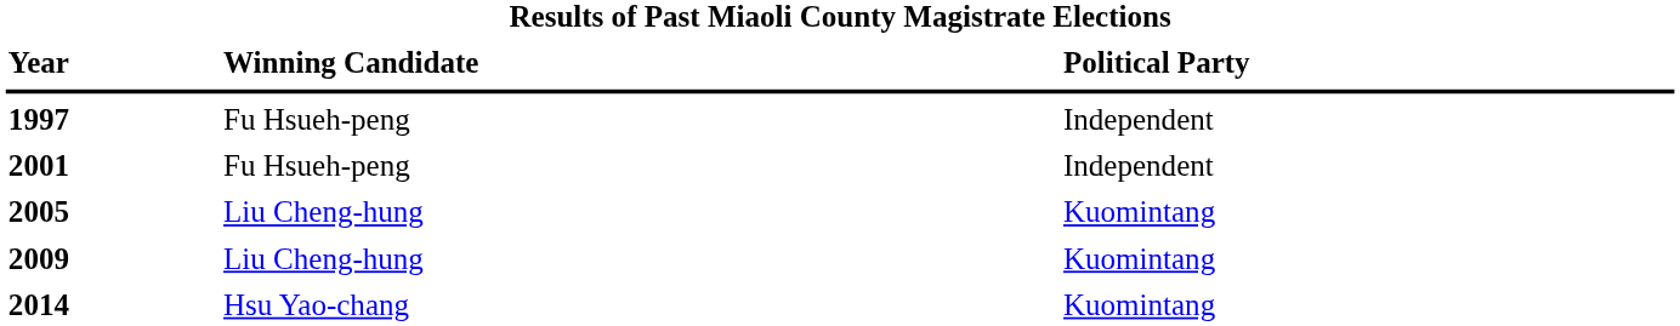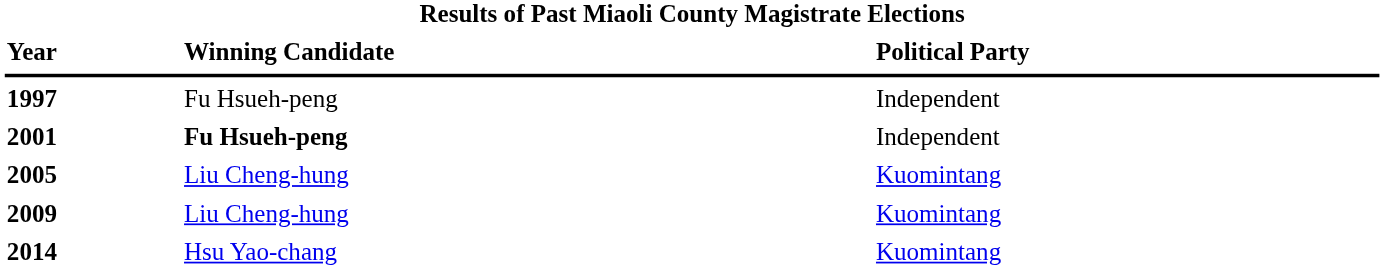 <table id="toc" style="margin:1em auto; width: 90%; font-size: 90%;" cellspacing="3">
 <tr>
 <td colspan="3" align="center"><strong>Results of Past Miaoli County Magistrate Elections</strong></td>
 </tr>
 <tr>
 <td><strong>Year</strong></td>
 <td><strong> Winning Candidate</strong></td>
 <td><strong>Political Party</strong></td>
 </tr>
 <tr>
 <th bgcolor="#000000" colspan="5"></th>
 </tr>
 <tr>
 <td><strong>1997</strong></td>
 <td>Fu Hsueh-peng</td>
 <td> Independent</td>
 </tr>
 <tr>
 <td><strong>2001</strong></td>
-<td>Fu Hsueh-peng</td>
+<td><strong>Fu Hsueh-peng</strong></td>
 <td> Independent</td>
 </tr>
 <tr>
 <td><strong>2005</strong></td>
 <td><a href='#'>Liu Cheng-hung</a></td>
 <td> <a href='#'>Kuomintang</a></td>
 </tr>
 <tr>
 <td><strong>2009</strong></td>
 <td><a href='#'>Liu Cheng-hung</a></td>
 <td> <a href='#'>Kuomintang</a></td>
 </tr>
 <tr>
 <td><strong>2014</strong></td>
 <td><a href='#'>Hsu Yao-chang</a></td>
 <td> <a href='#'>Kuomintang</a></td>
 </tr>
 </table>
